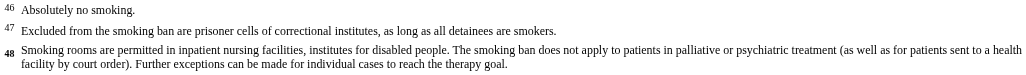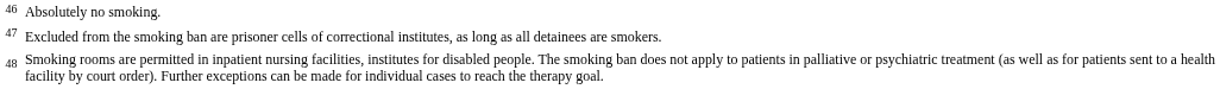 <table class="toptextcells" style="font-size: 90%;">
 <tr>
 <td style="text-align: right; padding-right: 0.33em"><sup>46</sup></td>
 <td>Absolutely no smoking.</td>
 </tr>
 <tr>
 <td style="text-align: right; padding-right: 0.33em"><sup>47</sup></td>
 <td>Excluded from the smoking ban are prisoner cells of correctional institutes, as long as all detainees are smokers.</td>
 </tr>
 <tr>
-<td style="text-align: right; padding-right: 0.33em"><strong><sup>48</sup></strong></td>
+<td style="text-align: right; padding-right: 0.33em"><sup>48</sup></td>
 <td>Smoking rooms are permitted in inpatient nursing facilities, institutes for disabled people. The smoking ban does not apply to patients in palliative or psychiatric treatment (as well as for patients sent to a health facility by court order). Further exceptions can be made for individual cases to reach the therapy goal.</td>
 </tr>
 </table>
